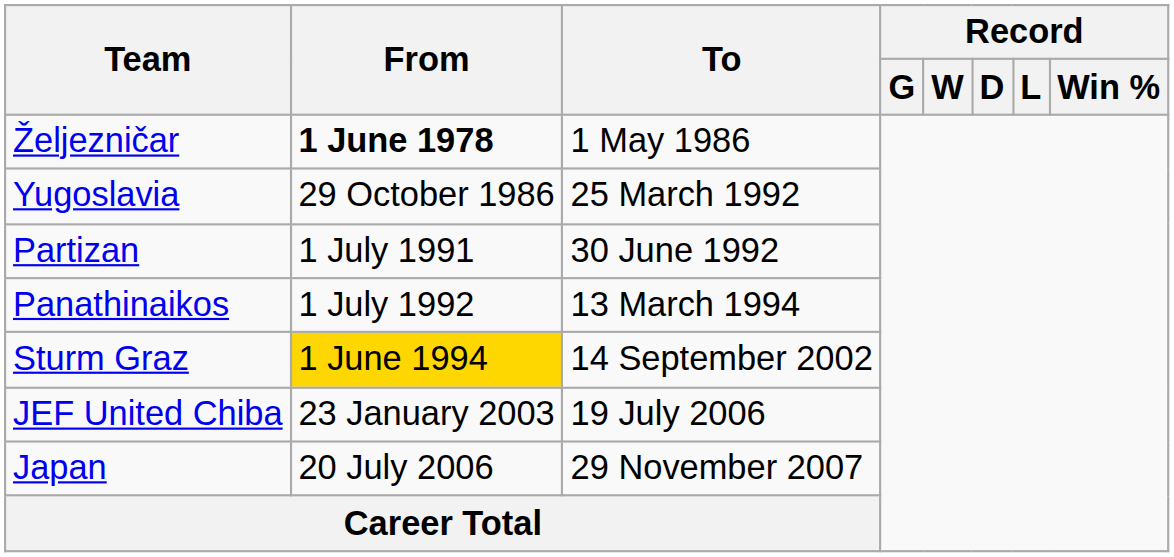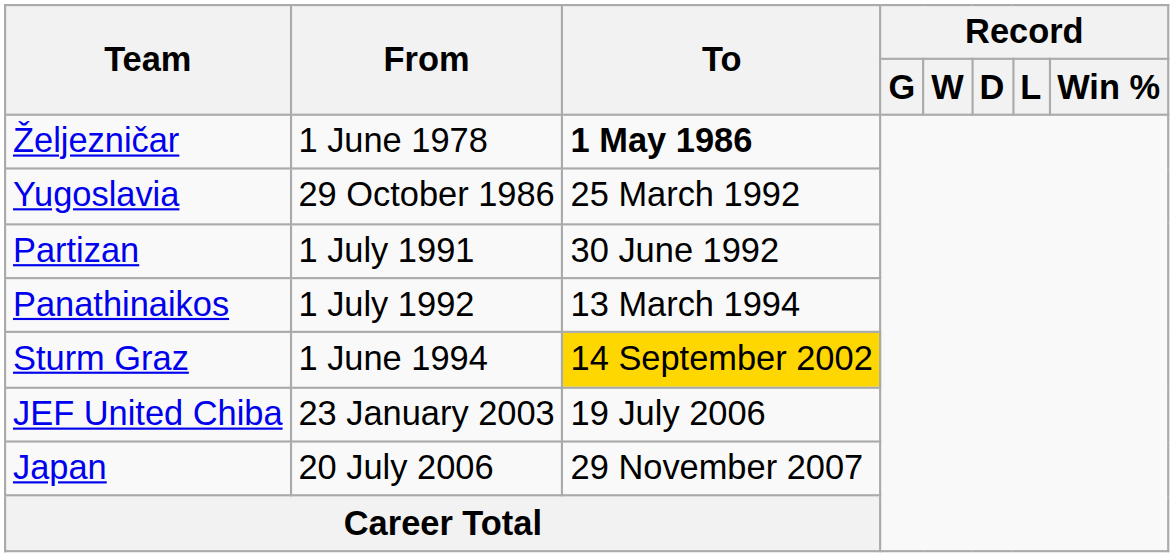 <table class="wikitable" style="text-align: center">
 <tr>
 <th rowspan="2">Team</th>
 <th rowspan="2">From</th>
 <th rowspan="2">To</th>
 <th colspan="9">Record</th>
 </tr>
 <tr>
 <th>G</th>
 <th>W</th>
 <th>D</th>
 <th>L</th>
 <th>Win %</th>
 </tr>
 <tr>
 <td align=left><a href='#'>Željezničar</a></td>
-<td align=left><strong>1 June 1978</strong></td>
-<td align=left>1 May 1986<br></td>
+<td align=left>1 June 1978</td>
+<td align=left><strong>1 May 1986<br></strong></td>
 </tr>
 <tr>
 <td align=left><a href='#'>Yugoslavia</a></td>
 <td align=left>29 October 1986</td>
 <td align=left>25 March 1992<br></td>
 </tr>
 <tr>
 <td align=left><a href='#'>Partizan</a></td>
 <td align=left>1 July 1991</td>
 <td align=left>30 June 1992<br></td>
 </tr>
 <tr>
 <td align=left><a href='#'>Panathinaikos</a></td>
 <td align=left>1 July 1992</td>
 <td align=left>13 March 1994<br></td>
 </tr>
 <tr>
 <td align=left><a href='#'>Sturm Graz</a></td>
-<td align=left style="background: gold;">1 June 1994</td>
-<td align=left>14 September 2002<br></td>
+<td align=left>1 June 1994</td>
+<td align=left style="background: gold;">14 September 2002<br></td>
 </tr>
 <tr>
 <td align=left><a href='#'>JEF United Chiba</a></td>
 <td align=left>23 January 2003</td>
 <td align=left>19 July 2006<br></td>
 </tr>
 <tr>
 <td align=left><a href='#'>Japan</a></td>
 <td align=left>20 July 2006</td>
 <td align=left>29 November 2007<br></td>
 </tr>
 <tr>
 <th colspan="3">Career Total<br></th>
 </tr>
 </table>
